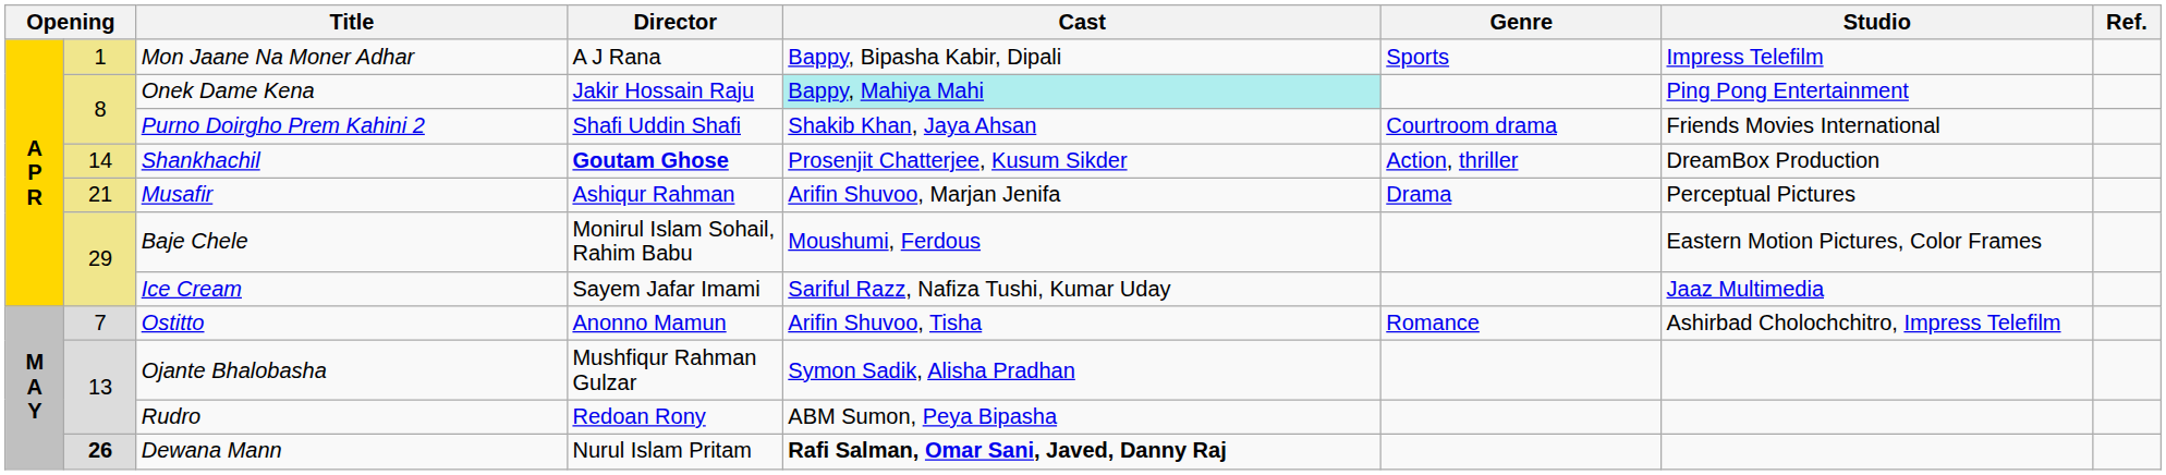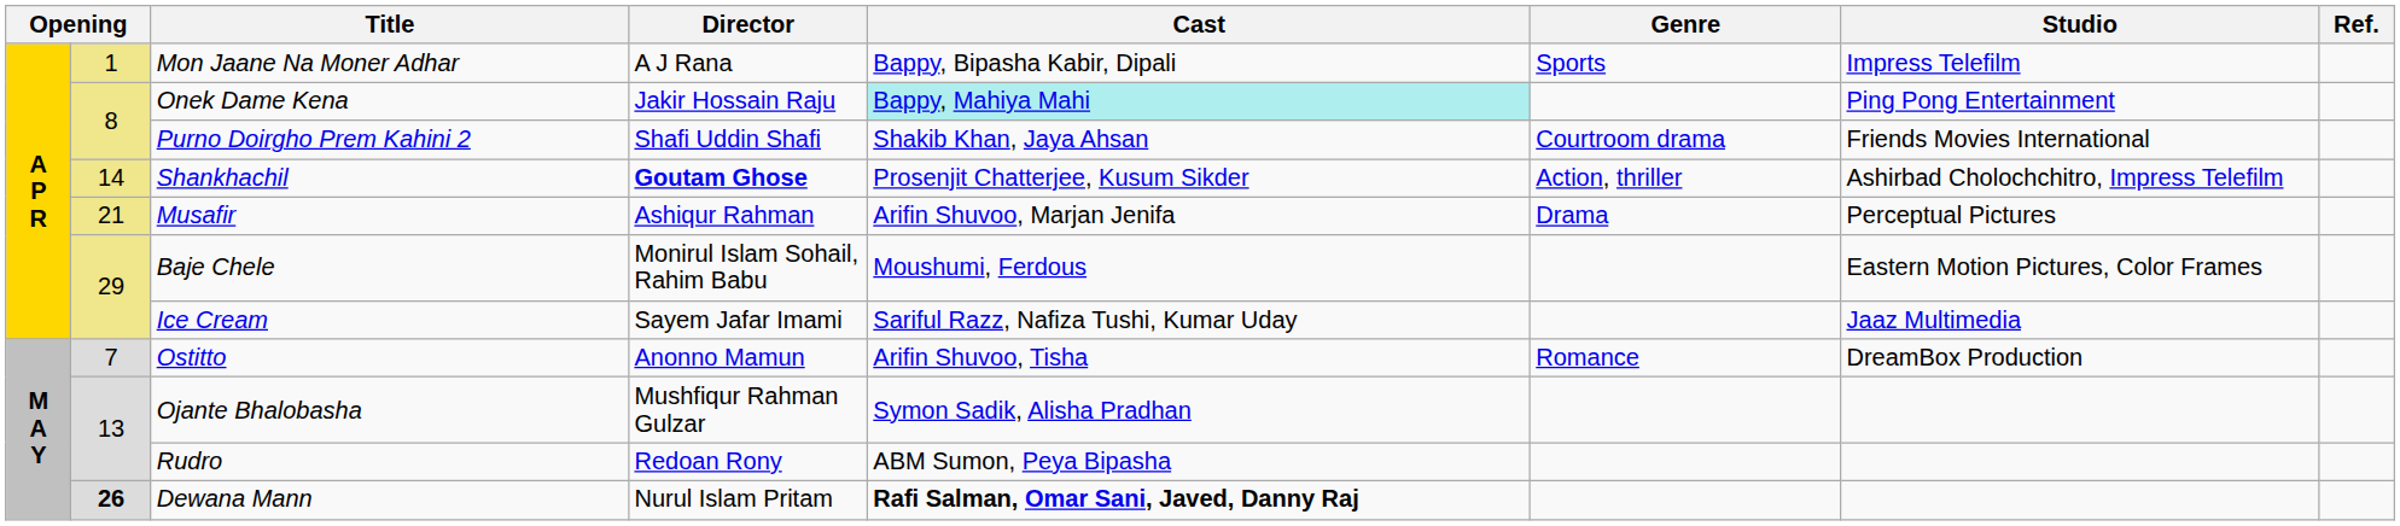 <table class="wikitable sortable" style="width:100%;">
 <tr>
 <th colspan="2">Opening</th>
 <th style="width:20%;">Title</th>
 <th style="width:10%;">Director</th>
 <th>Cast</th>
 <th style="width:13%">Genre</th>
 <th style="width:20%">Studio</th>
 <th>Ref.</th>
 </tr>
 <tr>
 <td rowspan=7 style="text-align:center; background:#FFD700; textcolor:#000;"><strong>A<br>P<br>R</strong></td>
 <td style="text-align:center; background:#F0E68C; textcolor:#000;">1</td>
 <td><em>Mon Jaane Na Moner Adhar</em></td>
 <td>A J Rana</td>
 <td><a href='#'>Bappy</a>, Bipasha Kabir, Dipali</td>
 <td><a href='#'>Sports</a></td>
 <td><a href='#'>Impress Telefilm</a></td>
 <td></td>
 </tr>
 <tr>
 <td rowspan=2 style="text-align:center; background:#F0E68C; textcolor:#000;">8</td>
 <td><em>Onek Dame Kena</em></td>
 <td><a href='#'>Jakir Hossain Raju</a></td>
 <td style="background: paleturquoise;"><a href='#'>Bappy</a>, <a href='#'>Mahiya Mahi</a></td>
 <td></td>
 <td><a href='#'>Ping Pong Entertainment</a></td>
 <td></td>
 </tr>
 <tr>
 <td><em><a href='#'>Purno Doirgho Prem Kahini 2</a></em></td>
 <td><a href='#'>Shafi Uddin Shafi</a></td>
 <td><a href='#'>Shakib Khan</a>, <a href='#'>Jaya Ahsan</a></td>
 <td><a href='#'>Courtroom drama</a></td>
 <td>Friends Movies International</td>
 <td></td>
 </tr>
 <tr>
 <td style="text-align:center; background:#F0E68C; textcolor:#000;">14</td>
 <td><em><a href='#'>Shankhachil</a></em></td>
 <td><strong><a href='#'>Goutam Ghose</a></strong></td>
 <td><a href='#'>Prosenjit Chatterjee</a>, <a href='#'>Kusum Sikder</a></td>
 <td><a href='#'>Action</a>, <a href='#'>thriller</a></td>
-<td>DreamBox Production</td>
+<td>Ashirbad Cholochchitro, <a href='#'>Impress Telefilm</a></td>
 <td></td>
 </tr>
 <tr>
 <td style="text-align:center; background:#F0E68C; textcolor:#000;">21</td>
 <td><em><a href='#'>Musafir</a></em></td>
 <td><a href='#'>Ashiqur Rahman</a></td>
 <td><a href='#'>Arifin Shuvoo</a>, Marjan Jenifa</td>
 <td><a href='#'>Drama</a></td>
 <td>Perceptual Pictures</td>
 <td></td>
 </tr>
 <tr>
 <td rowspan=2 style="text-align:center; background:#F0E68C; textcolor:#000;">29</td>
 <td><em>Baje Chele</em></td>
 <td>Monirul Islam Sohail, Rahim Babu</td>
 <td><a href='#'>Moushumi</a>, <a href='#'>Ferdous</a></td>
 <td></td>
 <td>Eastern Motion Pictures, Color Frames</td>
 <td></td>
 </tr>
 <tr>
 <td><em><a href='#'>Ice Cream</a></em></td>
 <td>Sayem Jafar Imami</td>
 <td><a href='#'>Sariful Razz</a>, Nafiza Tushi, Kumar Uday</td>
 <td></td>
 <td><a href='#'>Jaaz Multimedia</a></td>
 <td></td>
 </tr>
 <tr>
 <td rowspan=4 style="text-align:center; background:#C0C0C0; textcolor:#000;"><strong>M<br>A<br>Y</strong></td>
 <td style="text-align:center; background:#DCDCDC; textcolor:#000;">7</td>
 <td><em><a href='#'>Ostitto</a></em></td>
 <td><a href='#'>Anonno Mamun</a></td>
 <td><a href='#'>Arifin Shuvoo</a>, <a href='#'>Tisha</a></td>
 <td><a href='#'>Romance</a></td>
-<td>Ashirbad Cholochchitro, <a href='#'>Impress Telefilm</a></td>
+<td>DreamBox Production</td>
 <td></td>
 </tr>
 <tr>
 <td rowspan=2 style="text-align:center; background:#DCDCDC; textcolor:#000;">13</td>
 <td><em>Ojante Bhalobasha</em></td>
 <td>Mushfiqur Rahman Gulzar</td>
 <td><a href='#'>Symon Sadik</a>, <a href='#'>Alisha Pradhan</a></td>
 <td></td>
 <td></td>
 <td></td>
 </tr>
 <tr>
 <td><em>Rudro</em></td>
 <td><a href='#'>Redoan Rony</a></td>
 <td>ABM Sumon, <a href='#'>Peya Bipasha</a></td>
 <td></td>
 <td></td>
 <td></td>
 </tr>
 <tr>
 <td style="text-align:center; background:#DCDCDC; textcolor:#000;"><strong>26</strong></td>
 <td><em>Dewana Mann</em></td>
 <td>Nurul Islam Pritam</td>
 <td><strong>Rafi Salman, <a href='#'>Omar Sani</a>, Javed, Danny Raj</strong></td>
 <td></td>
 <td></td>
 <td></td>
 </tr>
 </table>
